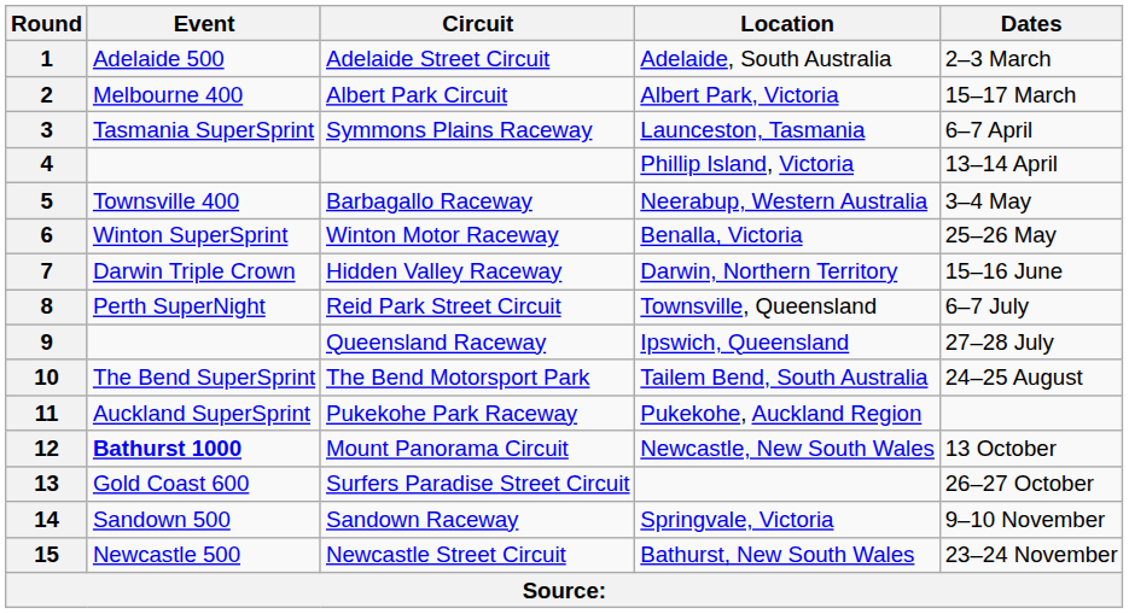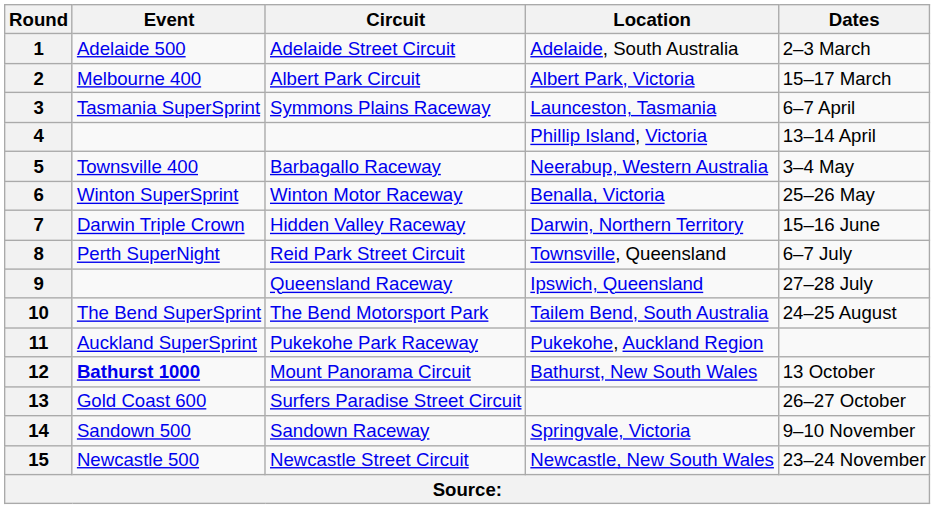 <table class="wikitable" style="font-size: 85%">
 <tr>
 <th>Round</th>
 <th>Event</th>
 <th>Circuit</th>
 <th>Location</th>
 <th>Dates</th>
 </tr>
 <tr>
 <th>1</th>
 <td><a href='#'>Adelaide 500</a></td>
 <td> <a href='#'>Adelaide Street Circuit</a></td>
 <td><a href='#'>Adelaide</a>, South Australia</td>
 <td>2–3 March</td>
 </tr>
 <tr>
 <th>2</th>
 <td><a href='#'>Melbourne 400</a></td>
 <td> <a href='#'>Albert Park Circuit</a></td>
 <td><a href='#'>Albert Park, Victoria</a></td>
 <td>15–17 March</td>
 </tr>
 <tr>
 <th>3</th>
 <td><a href='#'>Tasmania SuperSprint</a></td>
 <td> <a href='#'>Symmons Plains Raceway</a></td>
 <td><a href='#'>Launceston, Tasmania</a></td>
 <td>6–7 April</td>
 </tr>
 <tr>
 <th>4</th>
 <td></td>
 <td></td>
 <td><a href='#'>Phillip Island</a>, <a href='#'>Victoria</a></td>
 <td>13–14 April</td>
 </tr>
 <tr>
 <th>5</th>
 <td><a href='#'>Townsville 400</a></td>
 <td> <a href='#'>Barbagallo Raceway</a></td>
 <td><a href='#'>Neerabup, Western Australia</a></td>
 <td>3–4 May</td>
 </tr>
 <tr>
 <th>6</th>
 <td><a href='#'>Winton SuperSprint</a></td>
 <td> <a href='#'>Winton Motor Raceway</a></td>
 <td><a href='#'>Benalla, Victoria</a></td>
 <td>25–26 May</td>
 </tr>
 <tr>
 <th>7</th>
 <td><a href='#'>Darwin Triple Crown</a></td>
 <td> <a href='#'>Hidden Valley Raceway</a></td>
 <td><a href='#'>Darwin, Northern Territory</a></td>
 <td>15–16 June</td>
 </tr>
 <tr>
 <th>8</th>
 <td><a href='#'>Perth SuperNight</a></td>
 <td> <a href='#'>Reid Park Street Circuit</a></td>
 <td><a href='#'>Townsville</a>, Queensland</td>
 <td>6–7 July</td>
 </tr>
 <tr>
 <th>9</th>
 <td></td>
 <td> <a href='#'>Queensland Raceway</a></td>
 <td><a href='#'>Ipswich, Queensland</a></td>
 <td>27–28 July</td>
 </tr>
 <tr>
 <th>10</th>
 <td><a href='#'>The Bend SuperSprint</a></td>
 <td> <a href='#'>The Bend Motorsport Park</a></td>
 <td><a href='#'>Tailem Bend, South Australia</a></td>
 <td>24–25 August</td>
 </tr>
 <tr>
 <th>11</th>
 <td><a href='#'>Auckland SuperSprint</a></td>
 <td> <a href='#'>Pukekohe Park Raceway</a></td>
 <td><a href='#'>Pukekohe</a>, <a href='#'>Auckland Region</a></td>
 <td></td>
 </tr>
 <tr>
 <th>12</th>
 <td><strong><a href='#'>Bathurst 1000</a></strong></td>
 <td> <a href='#'>Mount Panorama Circuit</a></td>
-<td><a href='#'>Newcastle, New South Wales</a></td>
+<td><a href='#'>Bathurst, New South Wales</a></td>
 <td>13 October</td>
 </tr>
 <tr>
 <th>13</th>
 <td><a href='#'>Gold Coast 600</a></td>
 <td> <a href='#'>Surfers Paradise Street Circuit</a></td>
 <td></td>
 <td>26–27 October</td>
 </tr>
 <tr>
 <th>14</th>
 <td><a href='#'>Sandown 500</a></td>
 <td> <a href='#'>Sandown Raceway</a></td>
 <td><a href='#'>Springvale, Victoria</a></td>
 <td>9–10 November</td>
 </tr>
 <tr>
 <th>15</th>
 <td><a href='#'>Newcastle 500</a></td>
 <td> <a href='#'>Newcastle Street Circuit</a></td>
-<td><a href='#'>Bathurst, New South Wales</a></td>
+<td><a href='#'>Newcastle, New South Wales</a></td>
 <td>23–24 November</td>
 </tr>
 <tr>
 <th colspan=5>Source:</th>
 </tr>
 </table>
